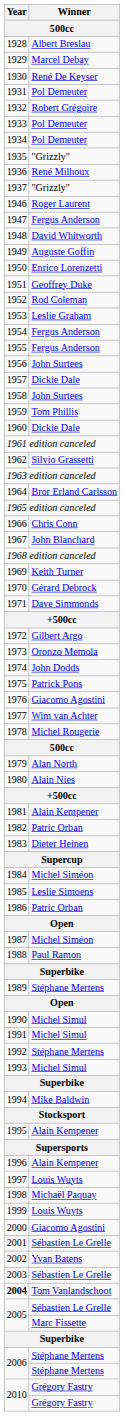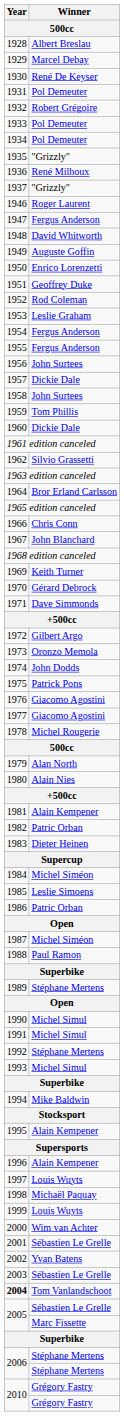 <table class="wikitable">
 <tr>
 <th>Year</th>
 <th>Winner</th>
 </tr>
 <tr>
 <th colspan=2>500cc</th>
 </tr>
 <tr>
 <td>1928</td>
 <td> <a href='#'>Albert Breslau</a></td>
 </tr>
 <tr>
 <td>1929</td>
 <td> <a href='#'>Marcel Debay</a></td>
 </tr>
 <tr>
 <td>1930</td>
 <td> <a href='#'>René De Keyser</a></td>
 </tr>
 <tr>
 <td>1931</td>
 <td> <a href='#'>Pol Demeuter</a></td>
 </tr>
 <tr>
 <td>1932</td>
 <td> <a href='#'>Robert Grégoire</a></td>
 </tr>
 <tr>
 <td>1933</td>
 <td> <a href='#'>Pol Demeuter</a></td>
 </tr>
 <tr>
 <td>1934</td>
 <td> <a href='#'>Pol Demeuter</a></td>
 </tr>
 <tr>
 <td>1935</td>
 <td> "Grizzly"</td>
 </tr>
 <tr>
 <td>1936</td>
 <td> <a href='#'>René Milhoux</a></td>
 </tr>
 <tr>
 <td>1937</td>
 <td> "Grizzly"</td>
 </tr>
 <tr>
 <td>1946</td>
 <td> <a href='#'>Roger Laurent</a></td>
 </tr>
 <tr>
 <td>1947</td>
 <td> <a href='#'>Fergus Anderson</a></td>
 </tr>
 <tr>
 <td>1948</td>
 <td> <a href='#'>David Whitworth</a></td>
 </tr>
 <tr>
 <td>1949</td>
 <td> <a href='#'>Auguste Goffin</a></td>
 </tr>
 <tr>
 <td>1950</td>
 <td> <a href='#'>Enrico Lorenzetti</a></td>
 </tr>
 <tr>
 <td>1951</td>
 <td> <a href='#'>Geoffrey Duke</a></td>
 </tr>
 <tr>
 <td>1952</td>
 <td> <a href='#'>Rod Coleman</a></td>
 </tr>
 <tr>
 <td>1953</td>
 <td> <a href='#'>Leslie Graham</a></td>
 </tr>
 <tr>
 <td>1954</td>
 <td> <a href='#'>Fergus Anderson</a></td>
 </tr>
 <tr>
 <td>1955</td>
 <td> <a href='#'>Fergus Anderson</a></td>
 </tr>
 <tr>
 <td>1956</td>
 <td> <a href='#'>John Surtees</a></td>
 </tr>
 <tr>
 <td>1957</td>
 <td> <a href='#'>Dickie Dale</a></td>
 </tr>
 <tr>
 <td>1958</td>
 <td> <a href='#'>John Surtees</a></td>
 </tr>
 <tr>
 <td>1959</td>
 <td> <a href='#'>Tom Phillis</a></td>
 </tr>
 <tr>
 <td>1960</td>
 <td> <a href='#'>Dickie Dale</a></td>
 </tr>
 <tr>
 <td colspan=2><em>1961 edition canceled</em></td>
 </tr>
 <tr>
 <td>1962</td>
 <td> <a href='#'>Silvio Grassetti</a></td>
 </tr>
 <tr>
 <td colspan=2><em>1963 edition canceled</em></td>
 </tr>
 <tr>
 <td>1964</td>
 <td> <a href='#'>Bror Erland Carlsson</a></td>
 </tr>
 <tr>
 <td colspan=2><em>1965 edition canceled</em></td>
 </tr>
 <tr>
 <td>1966</td>
 <td> <a href='#'>Chris Conn</a></td>
 </tr>
 <tr>
 <td>1967</td>
 <td> <a href='#'>John Blanchard</a></td>
 </tr>
 <tr>
 <td colspan=2><em>1968 edition canceled</em></td>
 </tr>
 <tr>
 <td>1969</td>
 <td> <a href='#'>Keith Turner</a></td>
 </tr>
 <tr>
 <td>1970</td>
 <td> <a href='#'>Gérard Debrock</a></td>
 </tr>
 <tr>
 <td>1971</td>
 <td> <a href='#'>Dave Simmonds</a></td>
 </tr>
 <tr>
 <th colspan=2>+500cc</th>
 </tr>
 <tr>
 <td>1972</td>
 <td> <a href='#'>Gilbert Argo</a></td>
 </tr>
 <tr>
 <td>1973</td>
 <td> <a href='#'>Oronzo Memola</a></td>
 </tr>
 <tr>
 <td>1974</td>
 <td> <a href='#'>John Dodds</a></td>
 </tr>
 <tr>
 <td>1975</td>
 <td> <a href='#'>Patrick Pons</a></td>
 </tr>
 <tr>
 <td>1976</td>
 <td> <a href='#'>Giacomo Agostini</a></td>
 </tr>
 <tr>
 <td>1977</td>
-<td> <a href='#'>Wim van Achter</a></td>
+<td> <a href='#'>Giacomo Agostini</a></td>
 </tr>
 <tr>
 <td>1978</td>
 <td> <a href='#'>Michel Rougerie</a></td>
 </tr>
 <tr>
 <th colspan=2>500cc</th>
 </tr>
 <tr>
 <td>1979</td>
 <td> <a href='#'>Alan North</a></td>
 </tr>
 <tr>
 <td>1980</td>
 <td> <a href='#'>Alain Nies</a></td>
 </tr>
 <tr>
 <th colspan=2>+500cc</th>
 </tr>
 <tr>
 <td>1981</td>
 <td> <a href='#'>Alain Kempener</a></td>
 </tr>
 <tr>
 <td>1982</td>
 <td> <a href='#'>Patric Orban</a></td>
 </tr>
 <tr>
 <td>1983</td>
 <td> <a href='#'>Dieter Heinen</a></td>
 </tr>
 <tr>
 <th colspan=2>Supercup</th>
 </tr>
 <tr>
 <td>1984</td>
 <td> <a href='#'>Michel Siméon</a></td>
 </tr>
 <tr>
 <td>1985</td>
 <td> <a href='#'>Leslie Simoens</a></td>
 </tr>
 <tr>
 <td>1986</td>
 <td> <a href='#'>Patric Orban</a></td>
 </tr>
 <tr>
 <th colspan=2>Open</th>
 </tr>
 <tr>
 <td>1987</td>
 <td> <a href='#'>Michel Siméon</a></td>
 </tr>
 <tr>
 <td>1988</td>
 <td> <a href='#'>Paul Ramon</a></td>
 </tr>
 <tr>
 <th colspan=2>Superbike</th>
 </tr>
 <tr>
 <td>1989</td>
 <td> <a href='#'>Stéphane Mertens</a></td>
 </tr>
 <tr>
 <th colspan=2>Open</th>
 </tr>
 <tr>
 <td>1990</td>
 <td> <a href='#'>Michel Simul</a></td>
 </tr>
 <tr>
 <td>1991</td>
 <td> <a href='#'>Michel Simul</a></td>
 </tr>
 <tr>
 <td>1992</td>
 <td> <a href='#'>Stéphane Mertens</a></td>
 </tr>
 <tr>
 <td>1993</td>
 <td> <a href='#'>Michel Simul</a></td>
 </tr>
 <tr>
 <th colspan=2>Superbike</th>
 </tr>
 <tr>
 <td>1994</td>
 <td> <a href='#'>Mike Baldwin</a></td>
 </tr>
 <tr>
 <th colspan=2>Stocksport</th>
 </tr>
 <tr>
 <td>1995</td>
 <td> <a href='#'>Alain Kempener</a></td>
 </tr>
 <tr>
 <th colspan=2>Supersports</th>
 </tr>
 <tr>
 <td>1996</td>
 <td> <a href='#'>Alain Kempener</a></td>
 </tr>
 <tr>
 <td>1997</td>
 <td> <a href='#'>Louis Wuyts</a></td>
 </tr>
 <tr>
 <td>1998</td>
 <td> <a href='#'>Michaël Paquay</a></td>
 </tr>
 <tr>
 <td>1999</td>
 <td> <a href='#'>Louis Wuyts</a></td>
 </tr>
 <tr>
 <td>2000</td>
-<td> <a href='#'>Giacomo Agostini</a></td>
+<td> <a href='#'>Wim van Achter</a></td>
 </tr>
 <tr>
 <td>2001</td>
 <td> <a href='#'>Sébastien Le Grelle</a></td>
 </tr>
 <tr>
 <td>2002</td>
 <td> <a href='#'>Yvan Batens</a></td>
 </tr>
 <tr>
 <td>2003</td>
 <td> <a href='#'>Sébastien Le Grelle</a></td>
 </tr>
 <tr>
 <td><strong>2004</strong></td>
 <td> <a href='#'>Tom Vanlandschoot</a></td>
 </tr>
 <tr>
 <td rowspan=2>2005</td>
 <td> <a href='#'>Sébastien Le Grelle</a></td>
 </tr>
 <tr>
 <td> <a href='#'>Marc Fissette</a></td>
 </tr>
 <tr>
 <th colspan=2>Superbike</th>
 </tr>
 <tr>
 <td rowspan=2>2006</td>
 <td> <a href='#'>Stéphane Mertens</a></td>
 </tr>
 <tr>
 <td> <a href='#'>Stéphane Mertens</a></td>
 </tr>
 <tr>
 <td rowspan=2>2010</td>
 <td> <a href='#'>Grégory Fastry</a></td>
 </tr>
 <tr>
 <td> <a href='#'>Grégory Fastry</a></td>
 </tr>
 </table>
